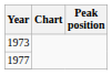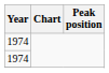 <table class="wikitable">
 <tr>
 <th>Year</th>
 <th>Chart</th>
 <th>Peak<br>position</th>
 </tr>
 <tr>
-<td>1973<br></td>
+<td>1974<br></td>
 </tr>
 <tr>
-<td>1977<br></td>
+<td>1974<br></td>
 </tr>
 <tr>
 </tr>
 </table>
